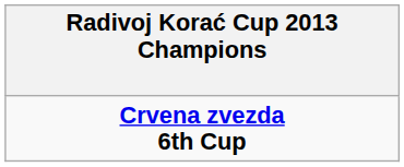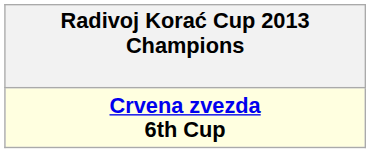 <table class="wikitable" style="margin: 0 auto; width: 30%;">
 <tr>
 <th>Radivoj Korać Cup 2013 Champions<br><br></th>
 </tr>
 <tr>
-<td align=center><strong><a href='#'>Crvena zvezda</a></strong><br><strong>6th Cup</strong></td>
+<td align=center style="background: lightyellow;"><strong><a href='#'>Crvena zvezda</a></strong><br><strong>6th Cup</strong></td>
 </tr>
 </table>
